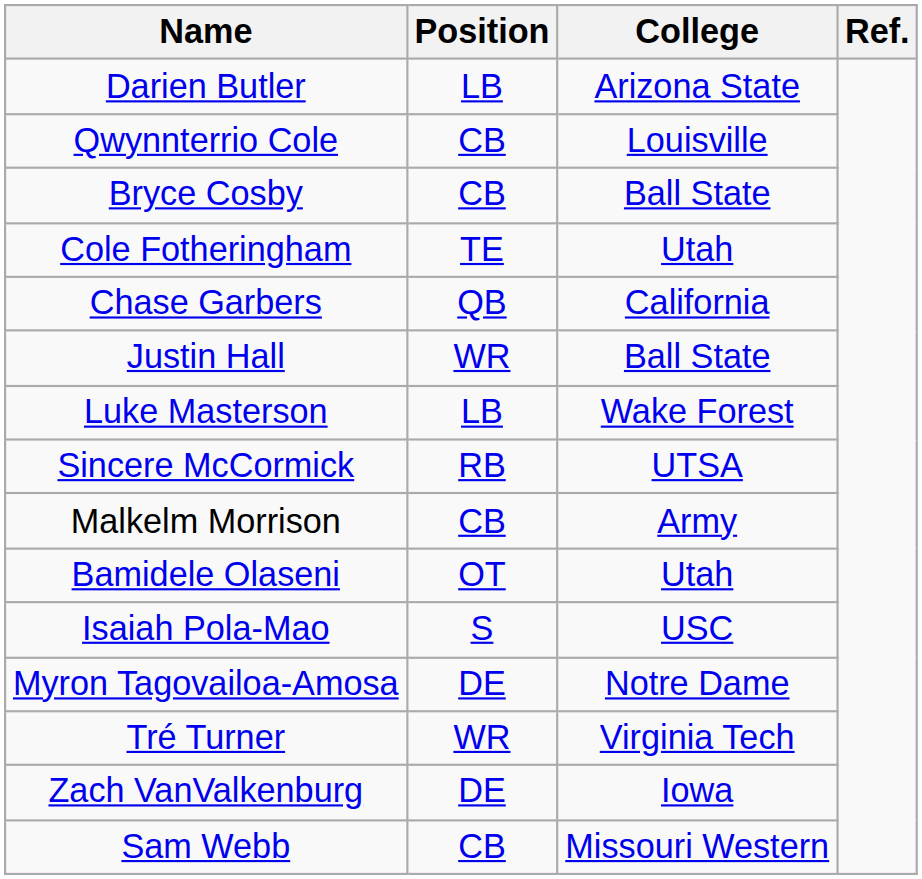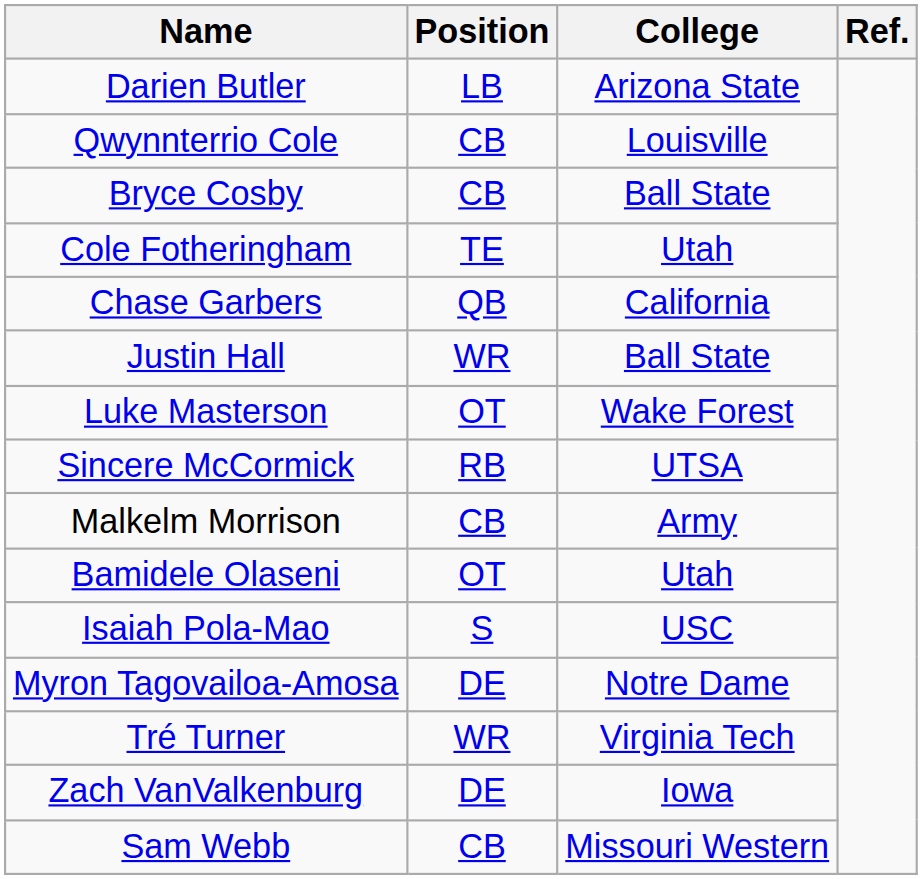 <table class="wikitable" style="text-align:center">
 <tr>
 <th>Name</th>
 <th>Position</th>
 <th>College</th>
 <th>Ref.</th>
 </tr>
 <tr>
 <td><a href='#'>Darien Butler</a></td>
 <td><a href='#'>LB</a></td>
 <td><a href='#'>Arizona State</a></td>
 <td rowspan="15"></td>
 </tr>
 <tr>
 <td><a href='#'>Qwynnterrio Cole</a></td>
 <td><a href='#'>CB</a></td>
 <td><a href='#'>Louisville</a></td>
 </tr>
 <tr>
 <td><a href='#'>Bryce Cosby</a></td>
 <td><a href='#'>CB</a></td>
 <td><a href='#'>Ball State</a></td>
 </tr>
 <tr>
 <td><a href='#'>Cole Fotheringham</a></td>
 <td><a href='#'>TE</a></td>
 <td><a href='#'>Utah</a></td>
 </tr>
 <tr>
 <td><a href='#'>Chase Garbers</a></td>
 <td><a href='#'>QB</a></td>
 <td><a href='#'>California</a></td>
 </tr>
 <tr>
 <td><a href='#'>Justin Hall</a></td>
 <td><a href='#'>WR</a></td>
 <td><a href='#'>Ball State</a></td>
 </tr>
 <tr>
 <td><a href='#'>Luke Masterson</a></td>
-<td><a href='#'>LB</a></td>
+<td><a href='#'>OT</a></td>
 <td><a href='#'>Wake Forest</a></td>
 </tr>
 <tr>
 <td><a href='#'>Sincere McCormick</a></td>
 <td><a href='#'>RB</a></td>
 <td><a href='#'>UTSA</a></td>
 </tr>
 <tr>
 <td>Malkelm Morrison</td>
 <td><a href='#'>CB</a></td>
 <td><a href='#'>Army</a></td>
 </tr>
 <tr>
 <td><a href='#'>Bamidele Olaseni</a></td>
 <td><a href='#'>OT</a></td>
 <td><a href='#'>Utah</a></td>
 </tr>
 <tr>
 <td><a href='#'>Isaiah Pola-Mao</a></td>
 <td><a href='#'>S</a></td>
 <td><a href='#'>USC</a></td>
 </tr>
 <tr>
 <td><a href='#'>Myron Tagovailoa-Amosa</a></td>
 <td><a href='#'>DE</a></td>
 <td><a href='#'>Notre Dame</a></td>
 </tr>
 <tr>
 <td><a href='#'>Tré Turner</a></td>
 <td><a href='#'>WR</a></td>
 <td><a href='#'>Virginia Tech</a></td>
 </tr>
 <tr>
 <td><a href='#'>Zach VanValkenburg</a></td>
 <td><a href='#'>DE</a></td>
 <td><a href='#'>Iowa</a></td>
 </tr>
 <tr>
 <td><a href='#'>Sam Webb</a></td>
 <td><a href='#'>CB</a></td>
 <td><a href='#'>Missouri Western</a></td>
 </tr>
 </table>
